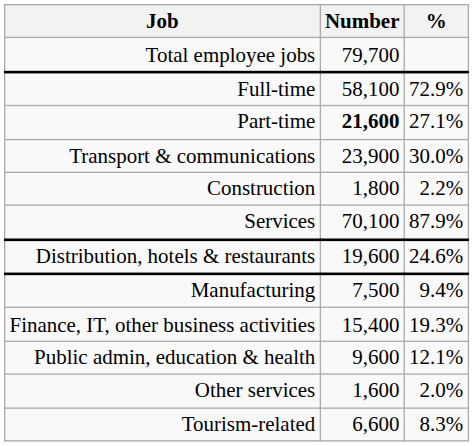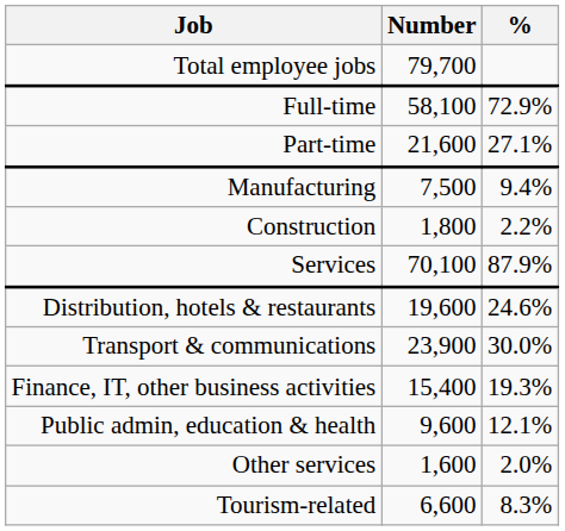 <table class="wikitable floatright col1left" style="text-align:right;">
 <tr>
 <th scope="col">Job</th>
 <th scope="col">Number</th>
 <th scope="col">%</th>
 </tr>
 <tr>
 <td>Total employee jobs</td>
 <td>79,700</td>
 <td></td>
 </tr>
 <tr style="border-top: 2px solid black;">
 <td>Full-time</td>
 <td>58,100</td>
 <td>72.9%</td>
 </tr>
 <tr>
 <td>Part-time</td>
-<td><strong>21,600</strong></td>
+<td>21,600</td>
 <td>27.1%</td>
 </tr>
-<tr>
-<td style="left-padding: 20pt">Transport & communications</td>
-<td>23,900</td>
-<td>30.0%</td>
+<tr style="border-top: 2px solid black;">
+<td>Manufacturing</td>
+<td>7,500</td>
+<td>9.4%</td>
 </tr>
 <tr>
 <td>Construction</td>
 <td>1,800</td>
 <td>2.2%</td>
 </tr>
 <tr>
 <td>Services</td>
 <td>70,100</td>
 <td>87.9%</td>
 </tr>
 <tr style="border-top: 2px solid black;">
 <td style="left-padding: 20pt">Distribution, hotels & restaurants</td>
 <td>19,600</td>
 <td>24.6%</td>
 </tr>
-<tr style="border-top: 2px solid black;">
-<td>Manufacturing</td>
-<td>7,500</td>
-<td>9.4%</td>
+<tr>
+<td style="left-padding: 20pt">Transport & communications</td>
+<td>23,900</td>
+<td>30.0%</td>
 </tr>
 <tr>
 <td style="left-padding: 20pt">Finance, IT, other business activities</td>
 <td>15,400</td>
 <td>19.3%</td>
 </tr>
 <tr>
 <td style="left-padding: 20pt">Public admin, education & health</td>
 <td>9,600</td>
 <td>12.1%</td>
 </tr>
 <tr>
 <td style="left-padding: 20pt">Other services</td>
 <td>1,600</td>
 <td>2.0%</td>
 </tr>
 <tr>
 <td style="left-padding: 20pt">Tourism-related</td>
 <td>6,600</td>
 <td>8.3%</td>
 </tr>
 </table>
